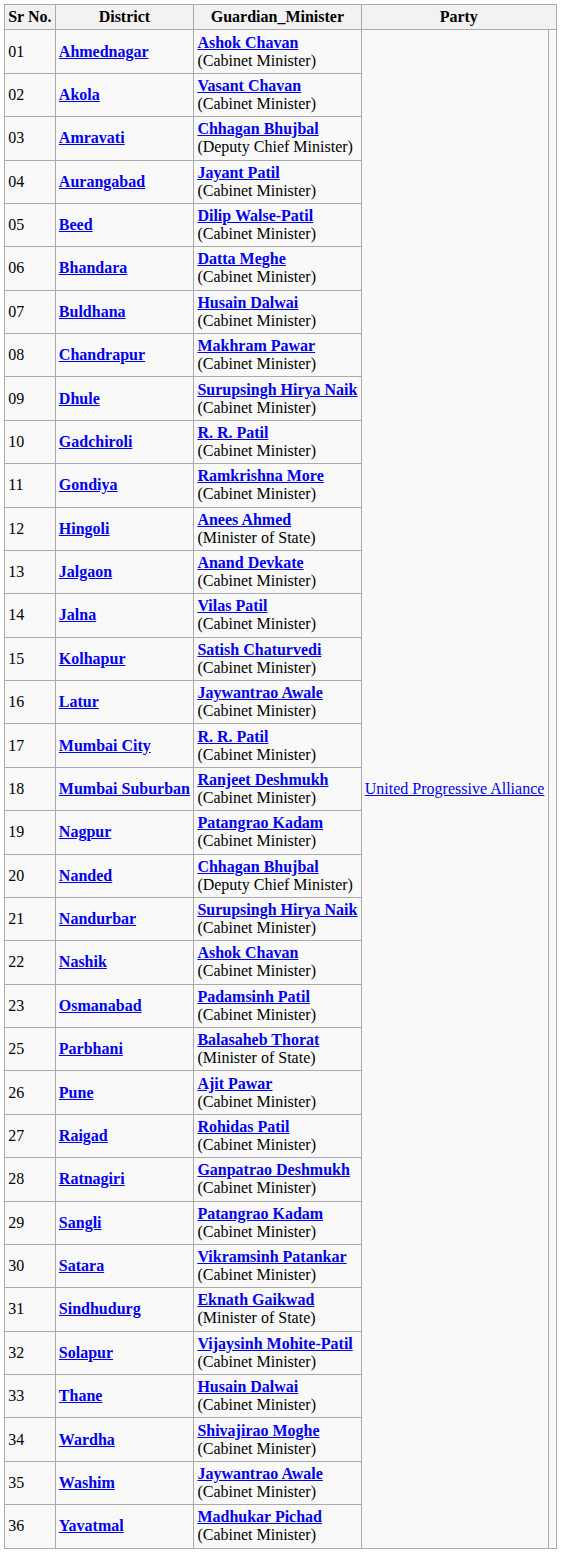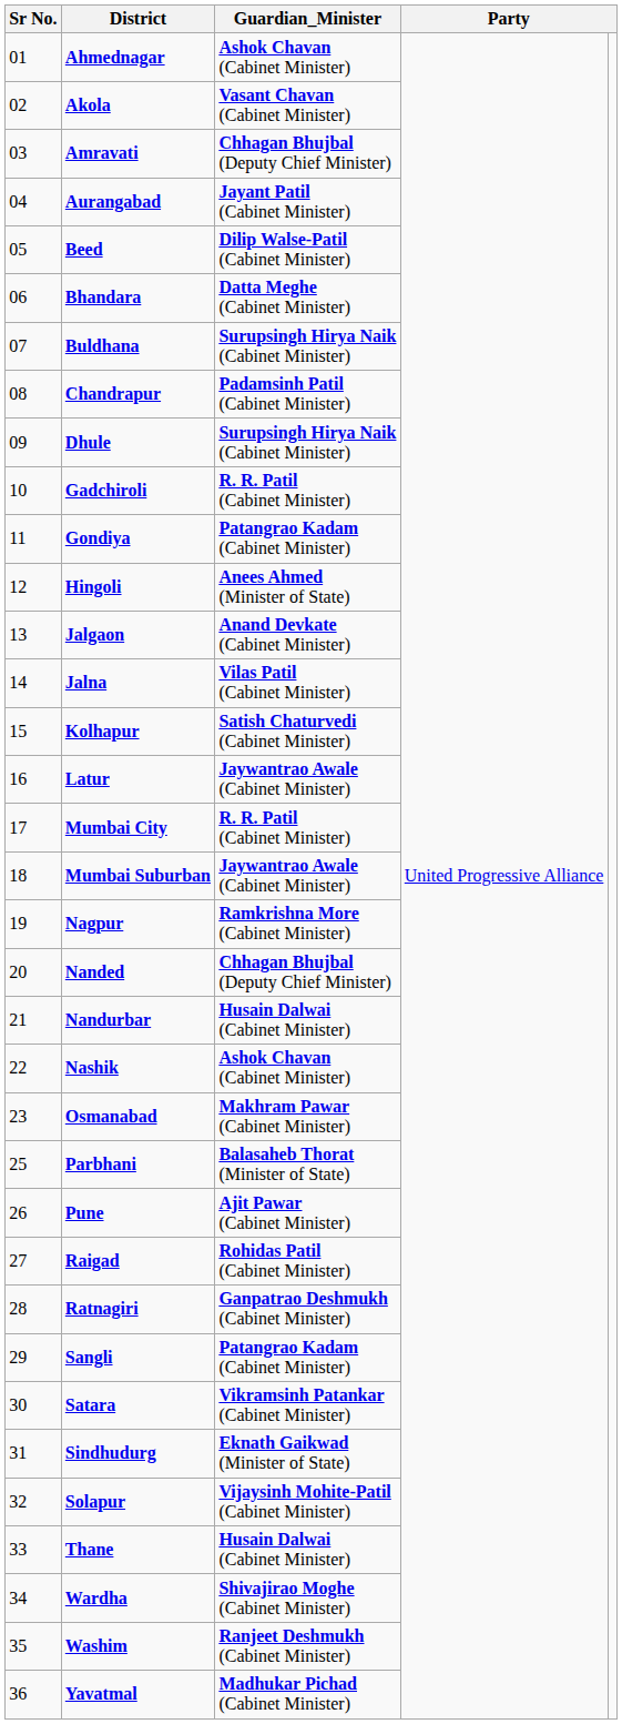 <table class="wikitable">
 <tr>
 <th>Sr No.</th>
 <th>District</th>
 <th>Guardian_Minister</th>
 <th colspan="2" scope="col">Party</th>
 </tr>
 <tr>
 <td>01</td>
 <td><strong><a href='#'>Ahmednagar</a></strong></td>
 <td><strong><a href='#'>Ashok Chavan</a></strong> <br>(Cabinet Minister)</td>
 <td rowspan=36><a href='#'>United Progressive Alliance</a></td>
 <td rowspan=36 style="width:1px; background-color: "></td>
 </tr>
 <tr>
 <td>02</td>
 <td><strong><a href='#'>Akola</a></strong></td>
 <td><strong><a href='#'>Vasant Chavan</a></strong><br>(Cabinet Minister)</td>
 </tr>
 <tr>
 <td>03</td>
 <td><strong><a href='#'>Amravati</a></strong></td>
 <td><strong><a href='#'>Chhagan Bhujbal</a></strong>  <br>(Deputy Chief Minister)</td>
 </tr>
 <tr>
 <td>04</td>
 <td><strong><a href='#'>Aurangabad</a></strong></td>
 <td><strong><a href='#'>Jayant Patil</a></strong><br>(Cabinet Minister)</td>
 </tr>
 <tr>
 <td>05</td>
 <td><strong><a href='#'>Beed</a></strong></td>
 <td><strong><a href='#'>Dilip Walse-Patil</a></strong><br>(Cabinet Minister)</td>
 </tr>
 <tr>
 <td>06</td>
 <td><strong><a href='#'>Bhandara</a></strong></td>
 <td><strong><a href='#'>Datta Meghe</a></strong><br>(Cabinet Minister)</td>
 </tr>
 <tr>
 <td>07</td>
 <td><strong><a href='#'>Buldhana</a></strong></td>
-<td><strong><a href='#'>Husain Dalwai</a></strong><br>(Cabinet Minister)</td>
+<td><strong><a href='#'>Surupsingh Hirya Naik</a></strong><br>(Cabinet Minister)</td>
 </tr>
 <tr>
 <td>08</td>
 <td><strong><a href='#'>Chandrapur</a></strong></td>
-<td><strong><a href='#'>Makhram Pawar</a></strong><br>(Cabinet Minister)</td>
+<td><strong><a href='#'>Padamsinh Patil</a></strong><br>(Cabinet Minister)</td>
 </tr>
 <tr>
 <td>09</td>
 <td><strong><a href='#'>Dhule</a></strong></td>
 <td><strong><a href='#'>Surupsingh Hirya Naik</a></strong><br>(Cabinet Minister)</td>
 </tr>
 <tr>
 <td>10</td>
 <td><strong><a href='#'>Gadchiroli</a></strong></td>
 <td><strong><a href='#'>R. R. Patil</a></strong> <br>(Cabinet Minister)</td>
 </tr>
 <tr>
 <td>11</td>
 <td><strong><a href='#'>Gondiya</a></strong></td>
-<td><strong><a href='#'>Ramkrishna More</a></strong>  <br>(Cabinet Minister)</td>
+<td><strong><a href='#'>Patangrao Kadam</a></strong><br>(Cabinet Minister)</td>
 </tr>
 <tr>
 <td>12</td>
 <td><strong><a href='#'>Hingoli</a></strong></td>
 <td><strong><a href='#'>Anees Ahmed</a></strong> <br>(Minister of State)</td>
 </tr>
 <tr>
 <td>13</td>
 <td><strong><a href='#'>Jalgaon</a></strong></td>
 <td><strong><a href='#'>Anand Devkate</a></strong><br>(Cabinet Minister)</td>
 </tr>
 <tr>
 <td>14</td>
 <td><strong><a href='#'>Jalna</a></strong></td>
 <td><strong><a href='#'>Vilas Patil</a></strong> <br>(Cabinet Minister)</td>
 </tr>
 <tr>
 <td>15</td>
 <td><strong><a href='#'>Kolhapur</a></strong></td>
 <td><strong><a href='#'>Satish Chaturvedi</a></strong><br>(Cabinet Minister)</td>
 </tr>
 <tr>
 <td>16</td>
 <td><strong><a href='#'>Latur</a></strong></td>
 <td><strong><a href='#'>Jaywantrao Awale</a></strong><br>(Cabinet Minister)</td>
 </tr>
 <tr>
 <td>17</td>
 <td><strong><a href='#'>Mumbai City</a></strong></td>
 <td><strong><a href='#'>R. R. Patil</a></strong><br>(Cabinet Minister)</td>
 </tr>
 <tr>
 <td>18</td>
 <td><strong><a href='#'>Mumbai Suburban</a></strong></td>
-<td><strong><a href='#'>Ranjeet Deshmukh</a></strong><br>(Cabinet Minister)</td>
+<td><strong><a href='#'>Jaywantrao Awale</a></strong><br>(Cabinet Minister)</td>
 </tr>
 <tr>
 <td>19</td>
 <td><strong><a href='#'>Nagpur</a></strong></td>
-<td><strong><a href='#'>Patangrao Kadam</a></strong><br>(Cabinet Minister)</td>
+<td><strong><a href='#'>Ramkrishna More</a></strong>  <br>(Cabinet Minister)</td>
 </tr>
 <tr>
 <td>20</td>
 <td><strong><a href='#'>Nanded</a></strong></td>
 <td><strong><a href='#'>Chhagan Bhujbal</a></strong>  <br>(Deputy Chief Minister)</td>
 </tr>
 <tr>
 <td>21</td>
 <td><strong><a href='#'>Nandurbar</a></strong></td>
-<td><strong><a href='#'>Surupsingh Hirya Naik</a></strong><br>(Cabinet Minister)</td>
+<td><strong><a href='#'>Husain Dalwai</a></strong><br>(Cabinet Minister)</td>
 </tr>
 <tr>
 <td>22</td>
 <td><strong><a href='#'>Nashik</a></strong></td>
 <td><strong><a href='#'>Ashok Chavan</a></strong><br>(Cabinet Minister)</td>
 </tr>
 <tr>
 <td>23</td>
 <td><strong><a href='#'>Osmanabad</a></strong></td>
-<td><strong><a href='#'>Padamsinh Patil</a></strong><br>(Cabinet Minister)</td>
+<td><strong><a href='#'>Makhram Pawar</a></strong><br>(Cabinet Minister)</td>
 </tr>
 <tr>
 <td>25</td>
 <td><strong><a href='#'>Parbhani</a></strong></td>
 <td><strong><a href='#'>Balasaheb Thorat</a></strong> <br>(Minister of State)</td>
 </tr>
 <tr>
 <td>26</td>
 <td><strong><a href='#'>Pune</a></strong></td>
 <td><strong><a href='#'>Ajit Pawar</a></strong><br>(Cabinet Minister)</td>
 </tr>
 <tr>
 <td>27</td>
 <td><strong><a href='#'>Raigad</a></strong></td>
 <td><strong><a href='#'>Rohidas Patil</a></strong> <br>(Cabinet Minister)</td>
 </tr>
 <tr>
 <td>28</td>
 <td><strong><a href='#'>Ratnagiri</a></strong></td>
 <td><strong><a href='#'>Ganpatrao Deshmukh</a></strong> <br>(Cabinet Minister)</td>
 </tr>
 <tr>
 <td>29</td>
 <td><strong><a href='#'>Sangli</a></strong></td>
 <td><strong><a href='#'>Patangrao Kadam</a></strong> <br>(Cabinet Minister)</td>
 </tr>
 <tr>
 <td>30</td>
 <td><strong><a href='#'>Satara</a></strong></td>
 <td><strong><a href='#'>Vikramsinh Patankar</a></strong><br>(Cabinet Minister)</td>
 </tr>
 <tr>
 <td>31</td>
 <td><strong><a href='#'>Sindhudurg</a></strong></td>
 <td><strong><a href='#'>Eknath Gaikwad</a></strong><br>(Minister of State)</td>
 </tr>
 <tr>
 <td>32</td>
 <td><strong><a href='#'>Solapur</a></strong></td>
 <td><strong><a href='#'>Vijaysinh Mohite-Patil</a></strong>  <br>(Cabinet Minister)</td>
 </tr>
 <tr>
 <td>33</td>
 <td><strong><a href='#'>Thane</a></strong></td>
 <td><strong><a href='#'>Husain Dalwai</a></strong><br>(Cabinet Minister)</td>
 </tr>
 <tr>
 <td>34</td>
 <td><strong><a href='#'>Wardha</a></strong></td>
 <td><strong><a href='#'>Shivajirao Moghe</a></strong><br>(Cabinet Minister)</td>
 </tr>
 <tr>
 <td>35</td>
 <td><strong><a href='#'>Washim</a></strong></td>
-<td><strong><a href='#'>Jaywantrao Awale</a></strong><br>(Cabinet Minister)</td>
+<td><strong><a href='#'>Ranjeet Deshmukh</a></strong><br>(Cabinet Minister)</td>
 </tr>
 <tr>
 <td>36</td>
 <td><strong><a href='#'>Yavatmal</a></strong></td>
 <td><strong><a href='#'>Madhukar Pichad</a></strong> <br>(Cabinet Minister)</td>
 </tr>
 <tr>
 </tr>
 </table>
